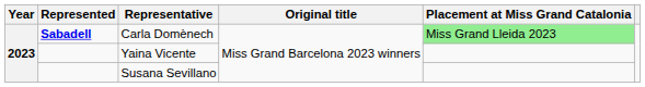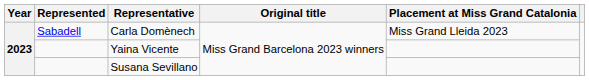 <table class="wikitable defaultcenter col2left col3left" style="font-size:95%;">
 <tr>
 <th>Year</th>
 <th>Represented</th>
 <th>Representative</th>
 <th>Original title</th>
 <th>Placement at Miss Grand Catalonia</th>
 <th></th>
 </tr>
 <tr>
 <th rowspan=3>2023</th>
-<td><strong><a href='#'>Sabadell</a></strong></td>
+<td><a href='#'>Sabadell</a></td>
 <td>Carla Domènech</td>
 <td rowspan=3>Miss Grand Barcelona 2023 winners</td>
-<td style="background: lightgreen;">Miss Grand Lleida 2023</td>
+<td>Miss Grand Lleida 2023</td>
 <td rowspan=3></td>
 </tr>
 <tr>
 <td></td>
 <td>Yaina Vicente</td>
 <td></td>
 </tr>
 <tr>
 <td></td>
 <td>Susana Sevillano</td>
 <td></td>
 </tr>
 </table>
